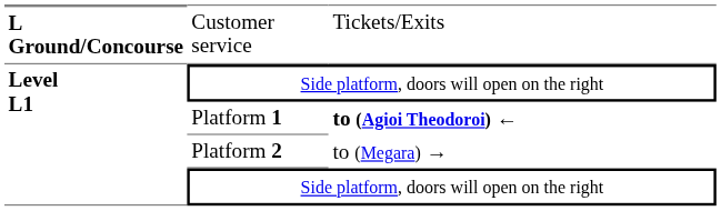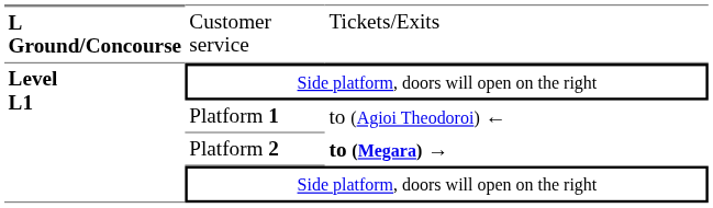 <table table border=0 cellspacing=0 cellpadding=3>
 <tr>
 <td style="border-bottom:solid 1px gray;border-top:solid 2px gray;" width=50 valign=top><strong>L<br>Ground/Concourse</strong></td>
 <td style="border-top:solid 1px gray;border-bottom:solid 1px gray;" width=100 valign=top>Customer service</td>
 <td style="border-top:solid 1px gray;border-bottom:solid 1px gray;" width=285 valign=top>Tickets/Exits</td>
 </tr>
 <tr>
 <td style="border-bottom:solid 1px gray;" rowspan=4 valign=top><strong>Level<br>L1</strong></td>
 <td style="border-top:solid 2px black;border-right:solid 2px black;border-left:solid 2px black;border-bottom:solid 2px black;text-align:center;" colspan=2><small><a href='#'>Side platform</a>, doors will open on the right</small></td>
 </tr>
 <tr>
 <td style="border-bottom:solid 1px gray;">Platform <strong>1</strong></td>
-<td><strong> to  <small>(<a href='#'>Agioi Theodoroi</a>)</small> ←</strong></td>
+<td> to  <small>(<a href='#'>Agioi Theodoroi</a>)</small> ←</td>
 </tr>
 <tr>
 <td style="border-bottom:solid 1px gray;">Platform <strong>2</strong></td>
-<td> to  <small>(<a href='#'>Megara</a>)</small> →</td>
+<td><strong> to  <small>(<a href='#'>Megara</a>)</small> →</strong></td>
 </tr>
 <tr>
 <td style="border-top:solid 2px black;border-left:solid 2px black;border-right:solid 2px black;border-bottom:solid 2px black;text-align:center;" colspan=2><small><a href='#'>Side platform</a>, doors will open on the right</small></td>
 </tr>
 </table>
